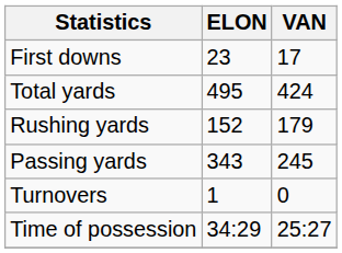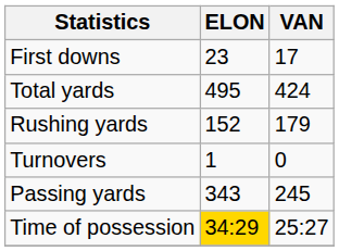 <table class="wikitable" style="float: left;">
 <tr>
 <th>Statistics</th>
 <th>ELON</th>
 <th>VAN</th>
 </tr>
 <tr>
 <td>First downs</td>
 <td>23</td>
 <td>17</td>
 </tr>
 <tr>
 <td>Total yards</td>
 <td>495</td>
 <td>424</td>
 </tr>
 <tr>
 <td>Rushing yards</td>
 <td>152</td>
 <td>179</td>
 </tr>
 <tr>
+<td>Turnovers</td>
+<td>1</td>
+<td>0</td>
+</tr>
+<tr>
 <td>Passing yards</td>
 <td>343</td>
 <td>245</td>
 </tr>
 <tr>
-<td>Turnovers</td>
-<td>1</td>
-<td>0</td>
-</tr>
-<tr>
 <td>Time of possession</td>
-<td>34:29</td>
+<td style="background: gold;">34:29</td>
 <td>25:27</td>
 </tr>
 <tr>
 </tr>
 </table>
